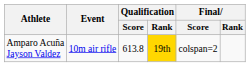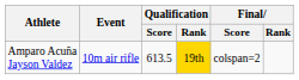 <table class="wikitable" style="font-size:90%">
 <tr>
 <th rowspan=2>Athlete</th>
 <th rowspan=2>Event</th>
 <th colspan=2>Qualification</th>
 <th colspan=2>Final/</th>
 </tr>
 <tr style="font-size:95%">
 <th>Score</th>
 <th>Rank</th>
 <th>Score</th>
 <th>Rank</th>
 </tr>
 <tr align=center>
 <td align=left>Amparo Acuña<br><a href='#'>Jayson Valdez</a></td>
 <td align=left><a href='#'>10m air rifle</a></td>
-<td>613.8</td>
+<td>613.5</td>
 <td style="background: gold;">19th</td>
 <td>colspan=2 </td>
 </tr>
 </table>
